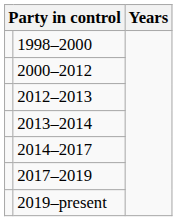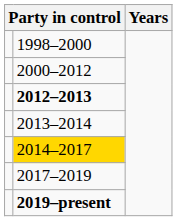 <table class="wikitable">
 <tr>
 <th colspan="2">Party in control</th>
 <th>Years</th>
 </tr>
 <tr>
 <td></td>
 <td>1998–2000</td>
 </tr>
 <tr>
 <td></td>
 <td>2000–2012</td>
 </tr>
 <tr>
 <td></td>
-<td>2012–2013</td>
+<td><strong>2012–2013</strong></td>
 </tr>
 <tr>
 <td></td>
 <td>2013–2014</td>
 </tr>
 <tr>
 <td></td>
-<td>2014–2017</td>
+<td style="background: gold;">2014–2017</td>
 </tr>
 <tr>
 <td></td>
 <td>2017–2019</td>
 </tr>
 <tr>
 <td></td>
-<td>2019–present</td>
+<td><strong>2019–present</strong></td>
 </tr>
 </table>
